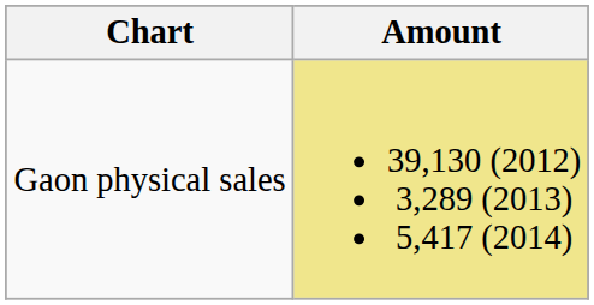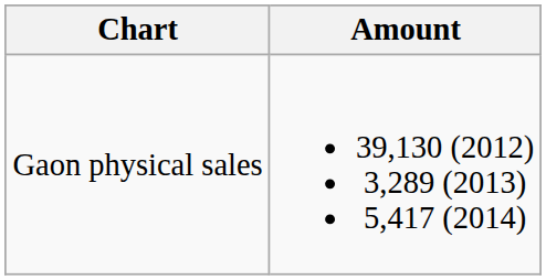 <table class="wikitable">
 <tr>
 <th>Chart</th>
 <th>Amount</th>
 </tr>
 <tr>
 <td>Gaon physical sales</td>
-<td align="center" style="background: khaki;"><br><ul><li>39,130 (2012)</li><li>3,289 (2013)</li><li>5,417 (2014)</li></ul></td>
+<td align="center"><br><ul><li>39,130 (2012)</li><li>3,289 (2013)</li><li>5,417 (2014)</li></ul></td>
 </tr>
 </table>
